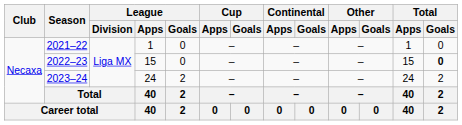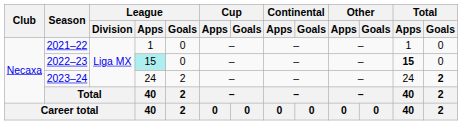 <table class="wikitable" style="text-align: center">
 <tr>
 <th rowspan="2">Club</th>
 <th rowspan="2">Season</th>
 <th colspan="3">League</th>
 <th colspan="2">Cup</th>
 <th colspan="2">Continental</th>
 <th colspan="2">Other</th>
 <th colspan="2">Total</th>
 </tr>
 <tr>
 <th>Division</th>
 <th>Apps</th>
 <th>Goals</th>
 <th>Apps</th>
 <th>Goals</th>
 <th>Apps</th>
 <th>Goals</th>
 <th>Apps</th>
 <th>Goals</th>
 <th>Apps</th>
 <th>Goals</th>
 </tr>
 <tr>
 <td rowspan="4"><a href='#'>Necaxa</a></td>
 <td><a href='#'>2021–22</a></td>
 <td rowspan="3"><a href='#'>Liga MX</a></td>
 <td>1</td>
 <td>0</td>
 <td colspan="2">–</td>
 <td colspan="2">–</td>
 <td colspan="2">–</td>
 <td>1</td>
 <td>0</td>
 </tr>
 <tr>
 <td><a href='#'>2022–23</a></td>
-<td>15</td>
+<td style="background: paleturquoise;">15</td>
 <td>0</td>
 <td colspan="2">–</td>
 <td colspan="2">–</td>
 <td colspan="2">–</td>
-<td>15</td>
-<td><strong>0</strong></td>
+<td><strong>15</strong></td>
+<td>0</td>
 </tr>
 <tr>
 <td><a href='#'>2023–24</a></td>
 <td>24</td>
 <td>2</td>
 <td colspan="2">–</td>
 <td colspan="2">–</td>
 <td colspan="2">–</td>
 <td>24</td>
-<td>2</td>
+<td><strong>2</strong></td>
 </tr>
 <tr>
 <th colspan="2">Total</th>
 <th>40</th>
 <th>2</th>
 <th colspan="2">–</th>
 <th colspan="2">–</th>
 <th colspan="2">–</th>
 <th>40</th>
 <th>2</th>
 </tr>
 <tr>
 <th colspan="3"><strong>Career total</strong></th>
 <th>40</th>
 <th>2</th>
 <th>0</th>
 <th>0</th>
 <th>0</th>
 <th>0</th>
 <th>0</th>
 <th>0</th>
 <th>40</th>
 <th>2</th>
 </tr>
 </table>
